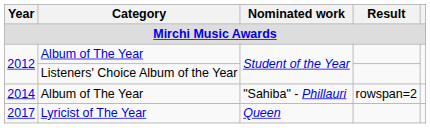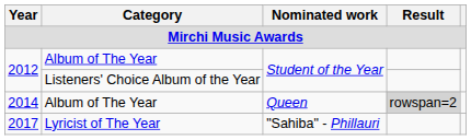 <table class="wikitable plainrowheaders">
 <tr>
 <th>Year</th>
 <th>Category</th>
 <th>Nominated work</th>
 <th>Result</th>
 <th></th>
 </tr>
 <tr>
 <td colspan="6" style="text-align: center; background:#ddd; "><strong><a href='#'>Mirchi Music Awards</a></strong></td>
 </tr>
 <tr>
 <td rowspan=2><a href='#'>2012</a></td>
 <td><a href='#'>Album of The Year</a></td>
 <td rowspan=2><em><a href='#'>Student of the Year</a></em></td>
 <td></td>
 <td rowspan=2></td>
 </tr>
 <tr>
 <td>Listeners' Choice Album of the Year</td>
 <td></td>
 </tr>
 <tr>
 <td><a href='#'>2014</a></td>
 <td>Album of The Year</td>
-<td>"Sahiba" - <em><a href='#'>Phillauri</a></em></td>
-<td>rowspan=2 </td>
+<td><em><a href='#'>Queen</a></em></td>
+<td style="background: lightgrey;">rowspan=2 </td>
 <td></td>
 </tr>
 <tr>
 <td><a href='#'>2017</a></td>
 <td><a href='#'>Lyricist of The Year</a></td>
-<td><em><a href='#'>Queen</a></em></td>
+<td>"Sahiba" - <em><a href='#'>Phillauri</a></em></td>
 <td></td>
 </tr>
 </table>
